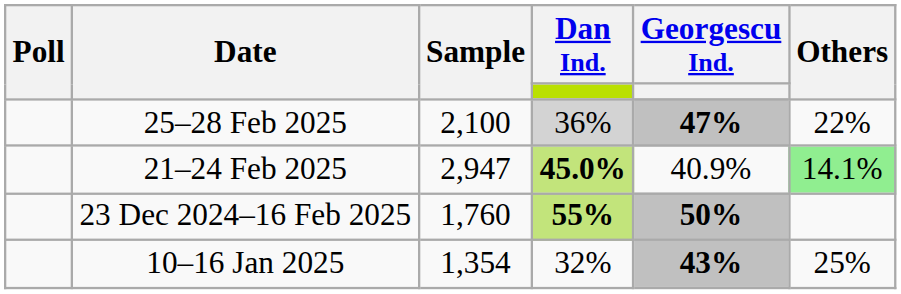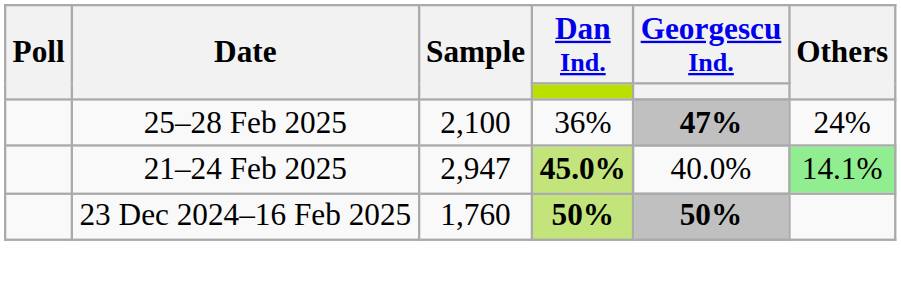 <table class="wikitable sortable" style="text-align:center;font-size:85%;line-height:14px;">
 <tr>
 <th rowspan="2">Poll</th>
 <th rowspan="2">Date</th>
 <th rowspan="2" style="width:35px;">Sample</th>
 <th class="unsortable" style="width:20px;"><a href='#'>Dan</a><br><small><a href='#'>Ind.</a></small></th>
 <th class="unsortable" style="width:20px;"><a href='#'>Georgescu</a><br><small><a href='#'>Ind.</a></small></th>
 <th rowspan="2">Others</th>
 </tr>
 <tr>
 <th style="background:#BAE002; "></th>
 <th style="background:"></th>
 </tr>
 <tr>
 <td></td>
 <td>25–28 Feb 2025</td>
 <td>2,100</td>
-<td style="background: lightgrey;">36%</td>
+<td>36%</td>
 <td style="background:#C0C0C0"><strong>47%</strong></td>
-<td>22%</td>
+<td>24%</td>
 </tr>
 <tr>
 <td></td>
 <td>21–24 Feb 2025</td>
 <td>2,947</td>
 <td style="background:#C2E47B"><strong>45.0%</strong></td>
-<td>40.9%</td>
+<td>40.0%</td>
 <td style="background: lightgreen;">14.1%</td>
 </tr>
 <tr>
 <td></td>
 <td>23 Dec 2024–16 Feb 2025</td>
 <td>1,760</td>
-<td style="background:#C2E47B"><strong>55%</strong></td>
+<td style="background:#C2E47B"><strong>50%</strong></td>
 <td style="background:#C0C0C0"><strong>50%</strong></td>
 <td></td>
 </tr>
-<tr>
-<td></td>
-<td>10–16 Jan 2025</td>
-<td>1,354</td>
-<td>32%</td>
-<td style="background:#C0C0C0"><strong>43%</strong></td>
-<td>25%</td>
-</tr>
 </table>
